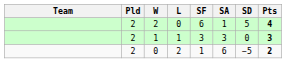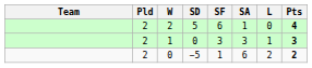 <table class="wikitable" style="text-align: center;">
 <tr>
 <th width=180>Team</th>
 <th width=30>Pld</th>
 <th width=30>W</th>
-<th width=30>L</th>
+<th width=30>SD</th>
 <th width=30>SF</th>
 <th width=30>SA</th>
-<th width=30>SD</th>
+<th width=30>L</th>
 <th width=30>Pts</th>
 </tr>
 <tr bgcolor=#CCFFCC>
 <td style="text-align:left;"></td>
 <td>2</td>
 <td>2</td>
-<td>0</td>
+<td>5</td>
 <td>6</td>
 <td>1</td>
-<td>5</td>
+<td>0</td>
 <td><strong>4</strong></td>
 </tr>
 <tr bgcolor=#CCFFCC>
 <td style="text-align:left;"></td>
 <td>2</td>
 <td>1</td>
-<td>1</td>
+<td>0</td>
 <td>3</td>
 <td>3</td>
-<td>0</td>
+<td>1</td>
 <td><strong>3</strong></td>
 </tr>
 <tr>
 <td style="text-align:left;"></td>
 <td>2</td>
 <td>0</td>
-<td>2</td>
+<td>−5</td>
 <td>1</td>
 <td>6</td>
-<td>−5</td>
+<td>2</td>
 <td><strong>2</strong></td>
 </tr>
 </table>
